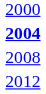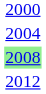 <table>
 <tr>
 <td><a href='#'>2000</a></td>
 <td></td>
 <td></td>
 <td></td>
 </tr>
 <tr>
-<td><strong><a href='#'>2004</a></strong></td>
+<td><a href='#'>2004</a></td>
 <td></td>
 <td></td>
 <td></td>
 </tr>
 <tr>
-<td><a href='#'>2008</a></td>
+<td style="background: lightgreen;"><a href='#'>2008</a></td>
 <td></td>
 <td></td>
 <td></td>
 </tr>
 <tr>
 <td><a href='#'>2012</a></td>
 <td></td>
 <td></td>
 <td></td>
 </tr>
 </table>
